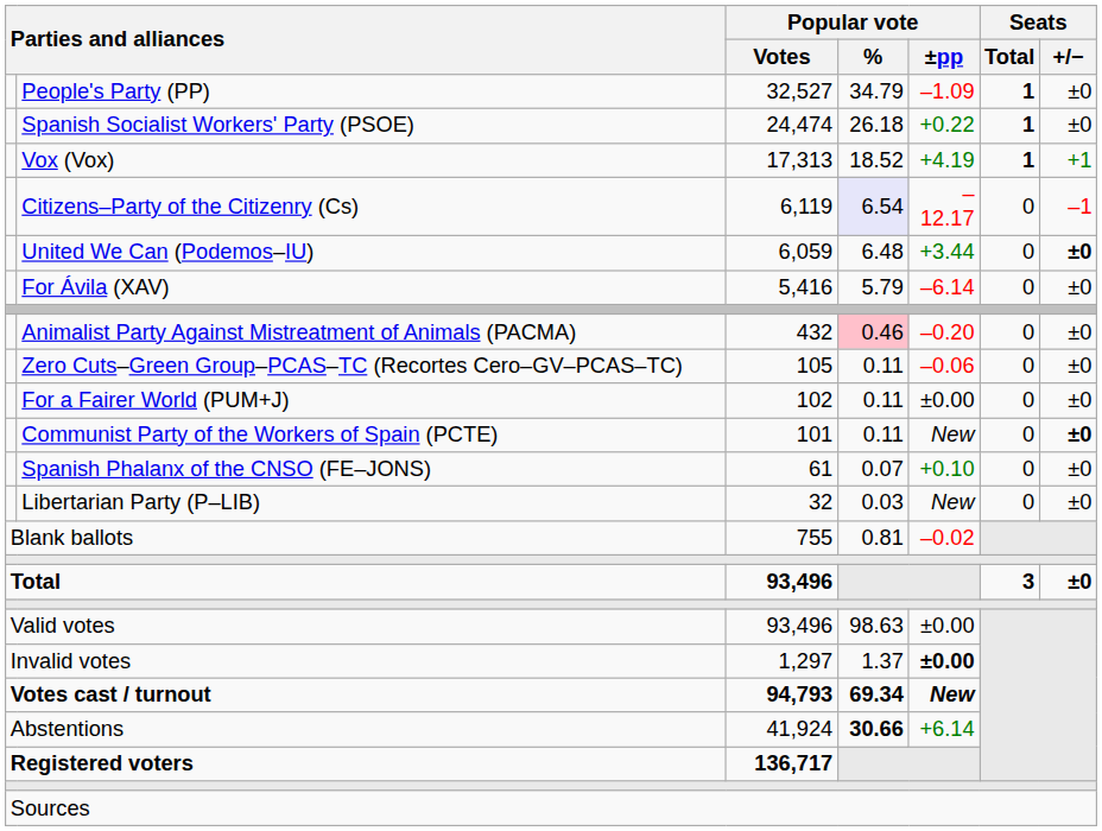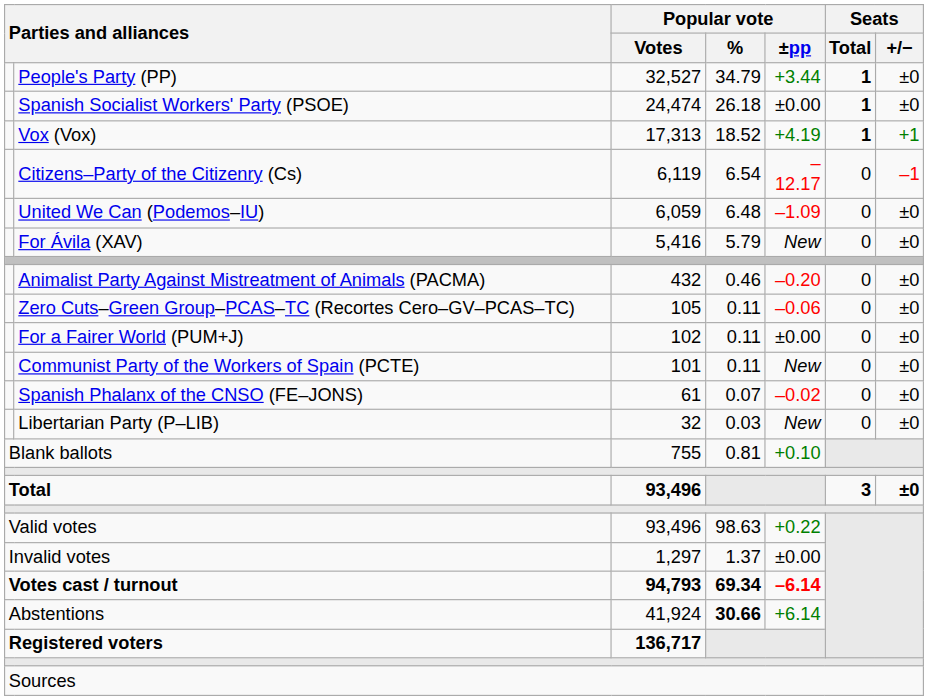 <table class="wikitable" style="text-align:right;">
 <tr>
 <th style="text-align:left;" rowspan="2" colspan="2" width="525">Parties and alliances</th>
 <th colspan="3">Popular vote</th>
 <th colspan="2">Seats</th>
 </tr>
 <tr>
 <th width="75">Votes</th>
 <th width="45">%</th>
 <th width="45">±<a href='#'>pp</a></th>
 <th width="35">Total</th>
 <th width="35">+/−</th>
 </tr>
 <tr>
 <td width="1" style="color:inherit;background:"></td>
 <td align="left"><a href='#'>People's Party</a> (PP)</td>
 <td>32,527</td>
 <td>34.79</td>
-<td style="color:red;">–1.09</td>
+<td style="color:green;">+3.44</td>
 <td><strong>1</strong></td>
 <td>±0</td>
 </tr>
 <tr>
 <td style="color:inherit;background:"></td>
 <td align="left"><a href='#'>Spanish Socialist Workers' Party</a> (PSOE)</td>
 <td>24,474</td>
 <td>26.18</td>
-<td style="color:green;">+0.22</td>
+<td>±0.00</td>
 <td><strong>1</strong></td>
 <td>±0</td>
 </tr>
 <tr>
 <td style="color:inherit;background:"></td>
 <td align="left"><a href='#'>Vox</a> (Vox)</td>
 <td>17,313</td>
 <td>18.52</td>
 <td style="color:green;">+4.19</td>
 <td><strong>1</strong></td>
 <td style="color:green;">+1</td>
 </tr>
 <tr>
 <td style="color:inherit;background:"></td>
 <td align="left"><a href='#'>Citizens–Party of the Citizenry</a> (Cs)</td>
 <td>6,119</td>
-<td style="background: lavender;">6.54</td>
+<td>6.54</td>
 <td style="color:red;">–12.17</td>
 <td>0</td>
 <td style="color:red;">–1</td>
 </tr>
 <tr>
 <td style="color:inherit;background:"></td>
 <td align="left"><a href='#'>United We Can</a> (<a href='#'>Podemos</a>–<a href='#'>IU</a>)</td>
 <td>6,059</td>
 <td>6.48</td>
-<td style="color:green;">+3.44</td>
+<td style="color:red;">–1.09</td>
 <td>0</td>
-<td><strong>±0</strong></td>
+<td>±0</td>
 </tr>
 <tr>
 <td style="color:inherit;background:"></td>
 <td align="left"><a href='#'>For Ávila</a> (XAV)</td>
 <td>5,416</td>
 <td>5.79</td>
-<td style="color:red;">–6.14</td>
+<td><em>New</em></td>
 <td>0</td>
 <td>±0</td>
 </tr>
 <tr>
 <td colspan="7" bgcolor="#C0C0C0"></td>
 </tr>
 <tr>
 <td style="color:inherit;background:"></td>
 <td align="left"><a href='#'>Animalist Party Against Mistreatment of Animals</a> (PACMA)</td>
 <td>432</td>
-<td style="background: pink;">0.46</td>
+<td>0.46</td>
 <td style="color:red;">–0.20</td>
 <td>0</td>
 <td>±0</td>
 </tr>
 <tr>
 <td style="color:inherit;background:"></td>
 <td align="left"><a href='#'>Zero Cuts</a>–<a href='#'>Green Group</a>–<a href='#'>PCAS</a>–<a href='#'>TC</a> (Recortes Cero–GV–PCAS–TC)</td>
 <td>105</td>
 <td>0.11</td>
 <td style="color:red;">–0.06</td>
 <td>0</td>
 <td>±0</td>
 </tr>
 <tr>
 <td style="color:inherit;background:"></td>
 <td align="left"><a href='#'>For a Fairer World</a> (PUM+J)</td>
 <td>102</td>
 <td>0.11</td>
 <td>±0.00</td>
 <td>0</td>
 <td>±0</td>
 </tr>
 <tr>
 <td style="color:inherit;background:"></td>
 <td align="left"><a href='#'>Communist Party of the Workers of Spain</a> (PCTE)</td>
 <td>101</td>
 <td>0.11</td>
 <td><em>New</em></td>
 <td>0</td>
-<td><strong>±0</strong></td>
+<td>±0</td>
 </tr>
 <tr>
 <td style="color:inherit;background:"></td>
 <td align="left"><a href='#'>Spanish Phalanx of the CNSO</a> (FE–JONS)</td>
 <td>61</td>
 <td>0.07</td>
-<td style="color:green;">+0.10</td>
+<td style="color:red;">–0.02</td>
 <td>0</td>
 <td>±0</td>
 </tr>
 <tr>
 <td style="color:inherit;background:"></td>
 <td align="left">Libertarian Party (P–LIB)</td>
 <td>32</td>
 <td>0.03</td>
 <td><em>New</em></td>
 <td>0</td>
 <td>±0</td>
 </tr>
 <tr>
 <td align="left" colspan="2">Blank ballots</td>
 <td>755</td>
 <td>0.81</td>
-<td style="color:red;">–0.02</td>
+<td style="color:green;">+0.10</td>
 <td bgcolor="#E9E9E9" colspan="2"></td>
 </tr>
 <tr>
 <td colspan="7" bgcolor="#E9E9E9"></td>
 </tr>
 <tr style="font-weight:bold;">
 <td align="left" colspan="2">Total</td>
 <td>93,496</td>
 <td bgcolor="#E9E9E9" colspan="2"></td>
 <td>3</td>
 <td>±0</td>
 </tr>
 <tr>
 <td colspan="7" bgcolor="#E9E9E9"></td>
 </tr>
 <tr>
 <td align="left" colspan="2">Valid votes</td>
 <td>93,496</td>
 <td>98.63</td>
-<td>±0.00</td>
+<td style="color:green;">+0.22</td>
 <td bgcolor="#E9E9E9" colspan="2" rowspan="5"></td>
 </tr>
 <tr>
 <td align="left" colspan="2">Invalid votes</td>
 <td>1,297</td>
 <td>1.37</td>
-<td><strong>±0.00</strong></td>
+<td>±0.00</td>
 </tr>
 <tr style="font-weight:bold;">
 <td align="left" colspan="2">Votes cast / turnout</td>
 <td>94,793</td>
 <td>69.34</td>
-<td><em>New</em></td>
+<td style="color:red;">–6.14</td>
 </tr>
 <tr>
 <td align="left" colspan="2">Abstentions</td>
 <td>41,924</td>
 <td><strong>30.66</strong></td>
 <td style="color:green;">+6.14</td>
 </tr>
 <tr style="font-weight:bold;">
 <td align="left" colspan="2">Registered voters</td>
 <td>136,717</td>
 <td bgcolor="#E9E9E9" colspan="2"></td>
 </tr>
 <tr>
 <td colspan="7" bgcolor="#E9E9E9"></td>
 </tr>
 <tr>
 <td align="left" colspan="7">Sources</td>
 </tr>
 </table>
